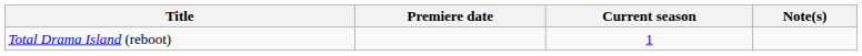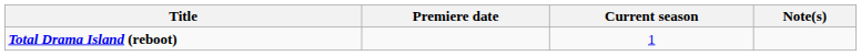 <table class="wikitable plainrowheaders sortable" style="width:75%;text-align:center;">
 <tr>
 <th>Title</th>
 <th>Premiere date</th>
 <th>Current season</th>
 <th>Note(s)</th>
 </tr>
 <tr>
-<td scope="row" style="text-align:left;"><em><a href='#'>Total Drama Island</a></em> (reboot)</td>
+<td scope="row" style="text-align:left;"><strong><em><a href='#'>Total Drama Island</a></em> (reboot)</strong></td>
 <td></td>
 <td><a href='#'>1</a></td>
 <td></td>
 </tr>
 </table>
